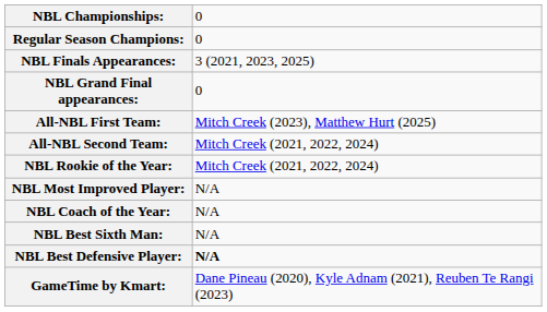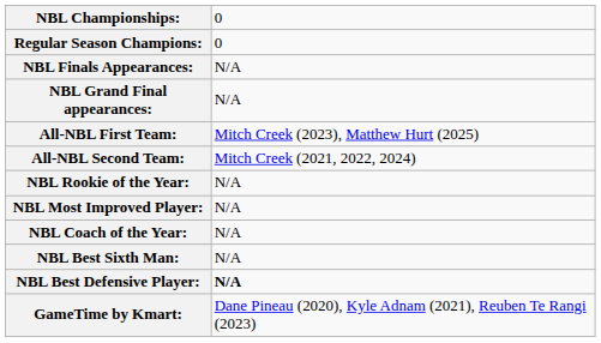 <table class="wikitable">
 <tr align=left>
 <th>NBL Championships:</th>
 <td>0</td>
 </tr>
 <tr>
 <th>Regular Season Champions:</th>
 <td>0</td>
 </tr>
 <tr>
 <th>NBL Finals Appearances:</th>
-<td>3 (2021, 2023, 2025)</td>
+<td>N/A</td>
 </tr>
 <tr>
 <th>NBL Grand Final appearances:</th>
-<td>0</td>
+<td>N/A</td>
 </tr>
 <tr>
 <th>All-NBL First Team:</th>
 <td><a href='#'>Mitch Creek</a> (2023), <a href='#'>Matthew Hurt</a> (2025)</td>
 </tr>
 <tr>
 <th>All-NBL Second Team:</th>
 <td><a href='#'>Mitch Creek</a> (2021, 2022, 2024)</td>
 </tr>
 <tr>
 <th>NBL Rookie of the Year:</th>
-<td><a href='#'>Mitch Creek</a> (2021, 2022, 2024)</td>
+<td>N/A</td>
 </tr>
 <tr>
 <th>NBL Most Improved Player:</th>
 <td>N/A</td>
 </tr>
 <tr>
 <th>NBL Coach of the Year:</th>
 <td>N/A</td>
 </tr>
 <tr>
 <th>NBL Best Sixth Man:</th>
 <td>N/A</td>
 </tr>
 <tr>
 <th>NBL Best Defensive Player:</th>
 <td><strong>N/A</strong></td>
 </tr>
 <tr>
 <th>GameTime by Kmart:</th>
 <td><a href='#'>Dane Pineau</a> (2020), <a href='#'>Kyle Adnam</a> (2021), <a href='#'>Reuben Te Rangi</a> (2023)</td>
 </tr>
 </table>
